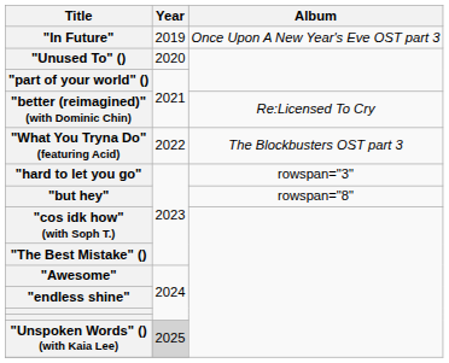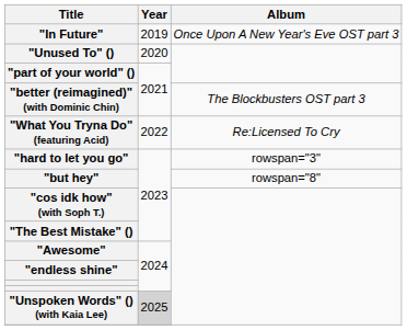 <table class="wikitable plainrowheaders" style="text-align:center;">
 <tr>
 <th scope="col">Title</th>
 <th scope="col">Year</th>
 <th scope="col">Album</th>
 </tr>
 <tr>
 <th scope="row">"In Future" </th>
 <td>2019</td>
 <td><em>Once Upon A New Year's Eve OST part 3</em></td>
 </tr>
 <tr>
 <th scope="row">"Unused To" ()</th>
 <td>2020</td>
 </tr>
 <tr>
 <th scope="row">"part of your world" ()</th>
 <td rowspan="2">2021</td>
 </tr>
 <tr>
 <th scope="row">"better (reimagined)"<br><small>(with Dominic Chin)</small></th>
-<td><em>Re:Licensed To Cry</em></td>
+<td><em>The Blockbusters OST part 3</em></td>
 </tr>
 <tr>
 <th scope="row">"What You Tryna Do"<br><small>(featuring Acid)</small></th>
 <td>2022</td>
-<td><em>The Blockbusters OST part 3</em></td>
+<td><em>Re:Licensed To Cry</em></td>
 </tr>
 <tr>
 <th scope="row">"hard to let you go"</th>
 <td rowspan="4">2023</td>
 <td>rowspan="3" </td>
 </tr>
 <tr>
 <th scope="row">"but hey"</th>
 <td>rowspan="8" </td>
 </tr>
 <tr>
 <th scope="row">"cos idk how"<br><small>(with Soph T.)</small></th>
 </tr>
 <tr>
 <th scope="row">"The Best Mistake" ()</th>
 </tr>
 <tr>
 <th scope="row">"Awesome"</th>
 <td rowspan="4">2024</td>
 </tr>
 <tr>
 <th scope="row">"endless shine"</th>
 </tr>
 <tr>
 <th scope="row"></th>
 </tr>
 <tr>
 <th scope="row"></th>
 </tr>
 <tr>
 <th scope="row">"Unspoken Words" ()<br><small>(with Kaia Lee)</small></th>
 <td rowspan="1" style="background: lightgrey;">2025</td>
 </tr>
 <tr>
 </tr>
 </table>
